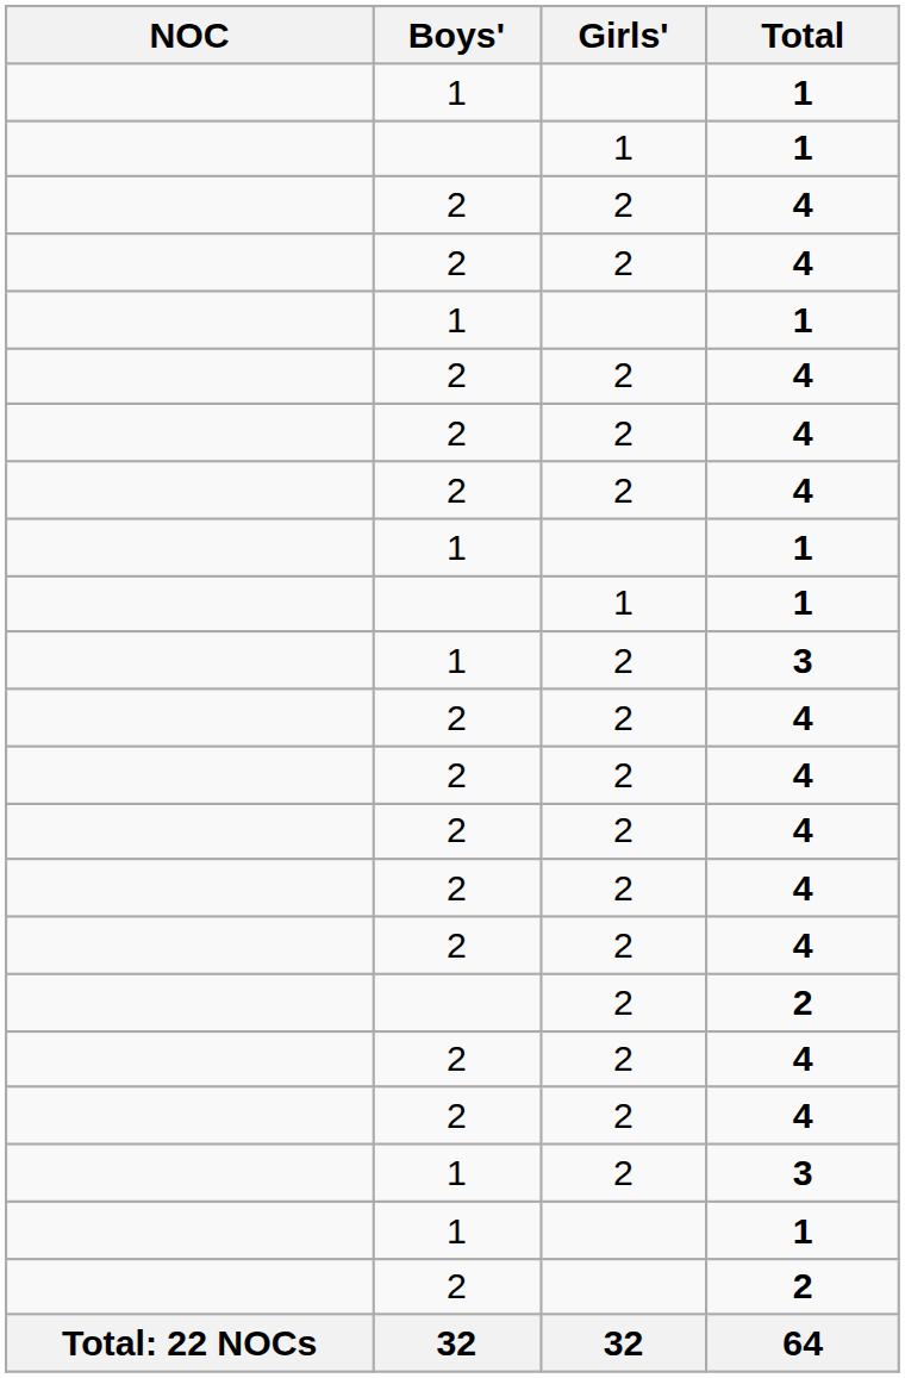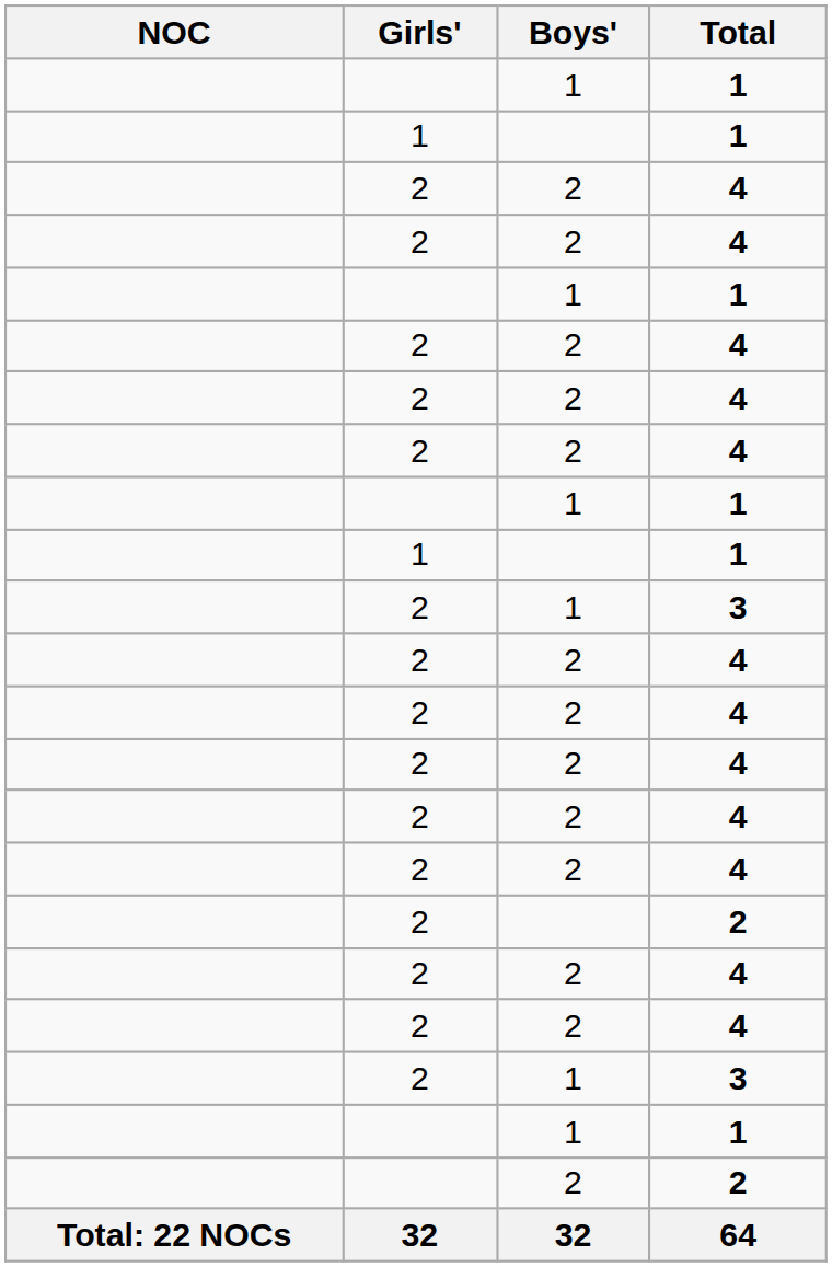 <table class="wikitable" style="text-align:center; font-size:90%">
 <tr>
 <th width=140 align="left">NOC</th>
+<th width=60>Girls'</th>
 <th width=60>Boys'</th>
-<th width=60>Girls'</th>
 <th width=70>Total</th>
+</tr>
+<tr>
+<td align=left></td>
+<td></td>
+<td>1</td>
+<td><strong>1</strong></td>
 </tr>
 <tr>
 <td align=left></td>
 <td>1</td>
 <td></td>
-<td><strong>1</strong></td>
-</tr>
-<tr>
-<td align=left></td>
-<td></td>
-<td>1</td>
 <td><strong>1</strong></td>
 </tr>
 <tr>
 <td align=left></td>
 <td>2</td>
 <td>2</td>
 <td><strong>4</strong></td>
 </tr>
 <tr>
 <td align=left></td>
 <td>2</td>
 <td>2</td>
 <td><strong>4</strong></td>
 </tr>
 <tr>
 <td align=left></td>
+<td></td>
 <td>1</td>
-<td></td>
 <td><strong>1</strong></td>
 </tr>
 <tr>
 <td align=left></td>
 <td>2</td>
 <td>2</td>
 <td><strong>4</strong></td>
 </tr>
 <tr>
 <td align=left></td>
 <td>2</td>
 <td>2</td>
 <td><strong>4</strong></td>
 </tr>
 <tr>
 <td align=left></td>
 <td>2</td>
 <td>2</td>
 <td><strong>4</strong></td>
 </tr>
 <tr>
 <td align=left></td>
-<td>1</td>
-<td></td>
-<td><strong>1</strong></td>
-</tr>
-<tr>
-<td align=left></td>
 <td></td>
 <td>1</td>
 <td><strong>1</strong></td>
 </tr>
 <tr>
 <td align=left></td>
 <td>1</td>
+<td></td>
+<td><strong>1</strong></td>
+</tr>
+<tr>
+<td align=left></td>
 <td>2</td>
+<td>1</td>
 <td><strong>3</strong></td>
 </tr>
 <tr>
 <td align=left></td>
 <td>2</td>
 <td>2</td>
 <td><strong>4</strong></td>
 </tr>
 <tr>
 <td align=left></td>
 <td>2</td>
 <td>2</td>
 <td><strong>4</strong></td>
 </tr>
 <tr>
 <td align=left></td>
 <td>2</td>
 <td>2</td>
 <td><strong>4</strong></td>
 </tr>
 <tr>
 <td align=left></td>
 <td>2</td>
 <td>2</td>
 <td><strong>4</strong></td>
 </tr>
 <tr>
 <td align=left></td>
 <td>2</td>
 <td>2</td>
 <td><strong>4</strong></td>
 </tr>
 <tr>
 <td align=left></td>
+<td>2</td>
 <td></td>
-<td>2</td>
 <td><strong>2</strong></td>
 </tr>
 <tr>
 <td align=left></td>
 <td>2</td>
 <td>2</td>
 <td><strong>4</strong></td>
 </tr>
 <tr>
 <td align=left></td>
 <td>2</td>
 <td>2</td>
 <td><strong>4</strong></td>
 </tr>
 <tr>
 <td align=left></td>
+<td>2</td>
 <td>1</td>
-<td>2</td>
 <td><strong>3</strong></td>
 </tr>
 <tr>
 <td align=left></td>
+<td></td>
 <td>1</td>
-<td></td>
 <td><strong>1</strong></td>
 </tr>
 <tr>
 <td align=left></td>
+<td></td>
 <td>2</td>
-<td></td>
 <td><strong>2</strong></td>
 </tr>
 <tr>
 <th>Total: 22 NOCs</th>
 <th>32</th>
 <th>32</th>
 <th>64</th>
 </tr>
 </table>
